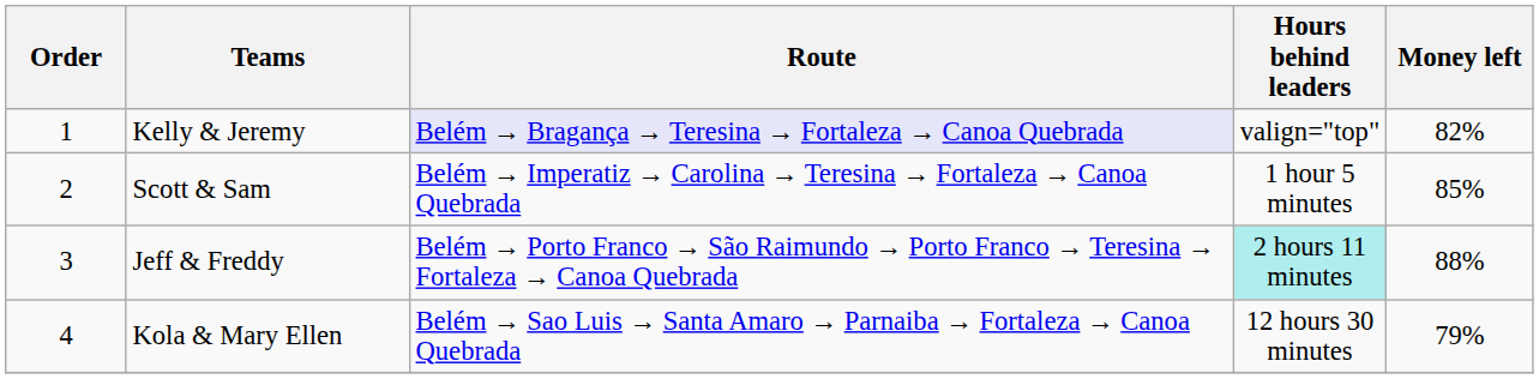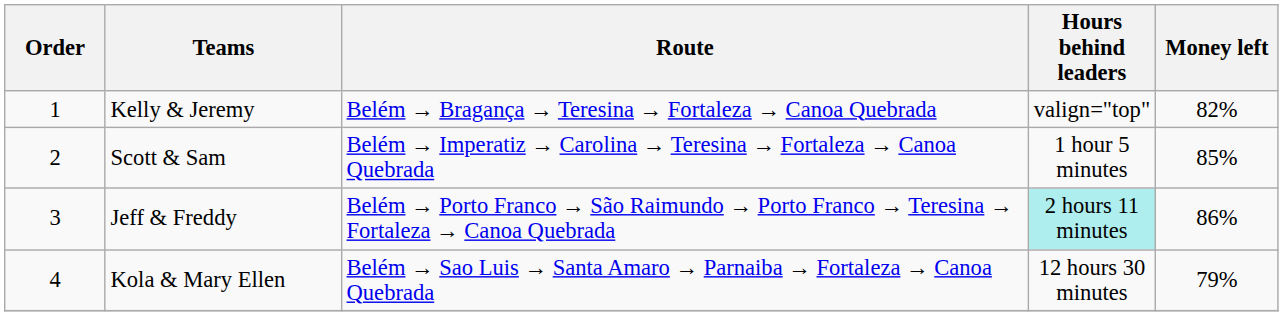 <table class="wikitable sortable" style="text-align:center">
 <tr>
 <th style="width:4em">Order</th>
 <th style="width:10em">Teams</th>
 <th style="width:30em">Route</th>
 <th style="width:5em">Hours behind leaders</th>
 <th style="width:5em">Money left</th>
 </tr>
 <tr>
 <td>1</td>
 <td style="text-align:left">Kelly & Jeremy</td>
-<td style="background: lavender; text-align:left"><a href='#'>Belém</a>  → <a href='#'>Bragança</a>    → <a href='#'>Teresina</a> → <a href='#'>Fortaleza</a>  → <a href='#'>Canoa Quebrada</a></td>
+<td style="text-align:left"><a href='#'>Belém</a>  → <a href='#'>Bragança</a>    → <a href='#'>Teresina</a> → <a href='#'>Fortaleza</a>  → <a href='#'>Canoa Quebrada</a></td>
 <td>valign="top" </td>
 <td>82%</td>
 </tr>
 <tr>
 <td>2</td>
 <td style="text-align:left">Scott & Sam</td>
 <td style="text-align:left"><a href='#'>Belém</a>   → <a href='#'>Imperatiz</a>  → <a href='#'>Carolina</a>    → <a href='#'>Teresina</a>  → <a href='#'>Fortaleza</a>  → <a href='#'>Canoa Quebrada</a></td>
 <td>1 hour 5 minutes</td>
 <td>85%</td>
 </tr>
 <tr>
 <td>3</td>
 <td style="text-align:left">Jeff & Freddy</td>
 <td style="text-align:left"><a href='#'>Belém</a>  → <a href='#'>Porto Franco</a>  → <a href='#'>São Raimundo</a>   → <a href='#'>Porto Franco</a>  → <a href='#'>Teresina</a>  → <a href='#'>Fortaleza</a> → <a href='#'>Canoa Quebrada</a></td>
 <td style="background: paleturquoise;">2 hours 11 minutes</td>
-<td>88%</td>
+<td>86%</td>
 </tr>
 <tr>
 <td>4</td>
 <td style="text-align:left">Kola & Mary Ellen</td>
 <td style="text-align:left"><a href='#'>Belém</a>   → <a href='#'>Sao Luis</a>  → <a href='#'>Santa Amaro</a>   → <a href='#'>Parnaiba</a>  → <a href='#'>Fortaleza</a> → <a href='#'>Canoa Quebrada</a></td>
 <td>12 hours 30 minutes</td>
 <td>79%</td>
 </tr>
 <tr>
 </tr>
 </table>
